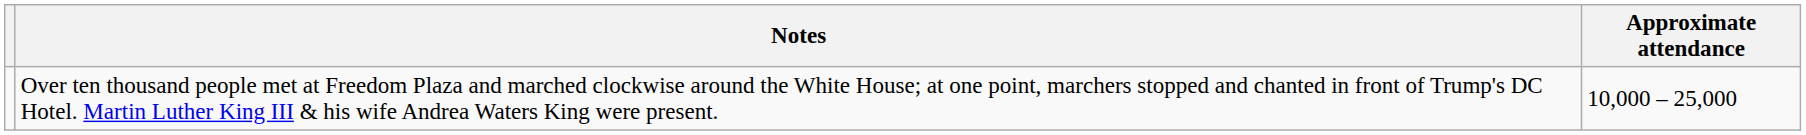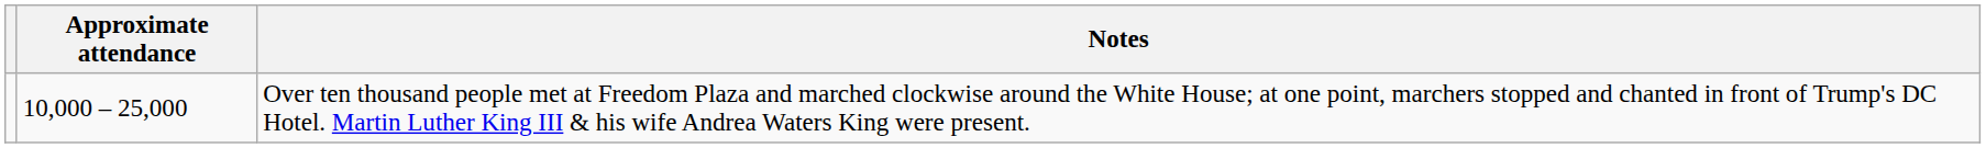 <table class="wikitable sortable">
 <tr>
 <th scope="col"></th>
+<th scope="col" data-sort-type="number">Approximate attendance</th>
 <th scope="col" class="unsortable">Notes</th>
-<th scope="col" data-sort-type="number">Approximate attendance</th>
 </tr>
 <tr>
 <td><div></div></td>
+<td data-sort-value="10,025">10,000 – 25,000</td>
 <td>Over ten thousand people met at Freedom Plaza and marched clockwise around the White House; at one point, marchers stopped and chanted in front of Trump's DC Hotel. <a href='#'>Martin Luther King III</a> & his wife Andrea Waters King were present.</td>
-<td data-sort-value="10,025">10,000 – 25,000</td>
 </tr>
 </table>
